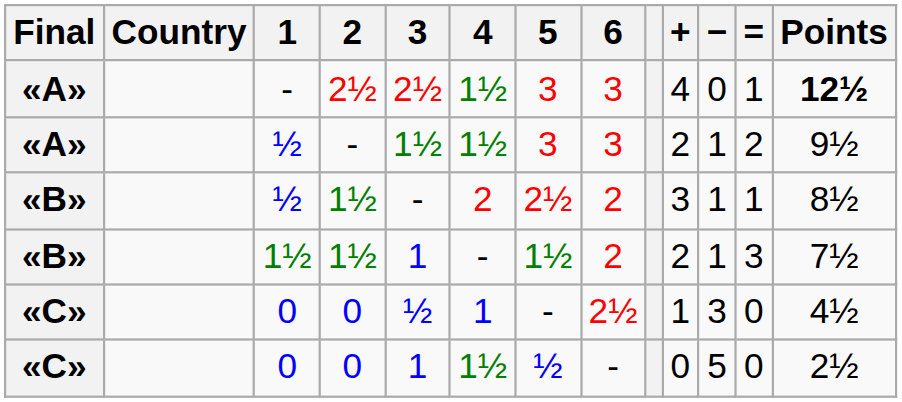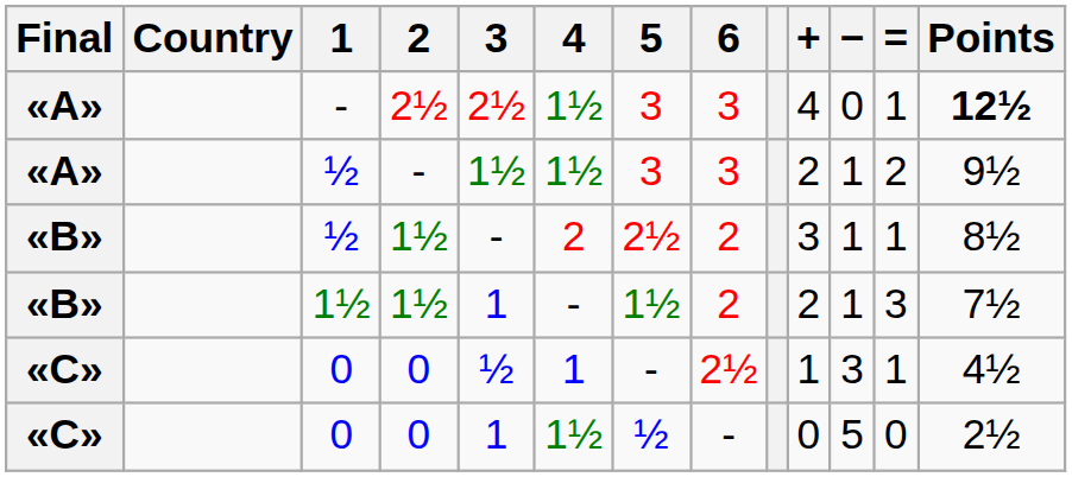 <table class="wikitable" style="text-align:center">
 <tr>
 <th>Final</th>
 <th>Country</th>
 <th>1</th>
 <th>2</th>
 <th>3</th>
 <th>4</th>
 <th>5</th>
 <th>6</th>
 <th></th>
 <th>+</th>
 <th>−</th>
 <th>=</th>
 <th>Points</th>
 </tr>
 <tr>
 <th>«A»</th>
 <td style="text-align: left"></td>
 <td>-</td>
 <td style="color:red;">2½</td>
 <td style="color:red;">2½</td>
 <td style="color:green;">1½</td>
 <td style="color:red;">3</td>
 <td style="color:red;">3</td>
 <th></th>
 <td>4</td>
 <td>0</td>
 <td>1</td>
 <td><strong>12½</strong></td>
 </tr>
 <tr>
 <th>«A»</th>
 <td style="text-align: left"></td>
 <td style="color:blue;">½</td>
 <td>-</td>
 <td style="color:green;">1½</td>
 <td style="color:green;">1½</td>
 <td style="color:red;">3</td>
 <td style="color:red;">3</td>
 <th></th>
 <td>2</td>
 <td>1</td>
 <td>2</td>
 <td>9½</td>
 </tr>
 <tr>
 <th>«B»</th>
 <td style="text-align: left"></td>
 <td style="color:blue;">½</td>
 <td style="color:green;">1½</td>
 <td>-</td>
 <td style="color:red;">2</td>
 <td style="color:red;">2½</td>
 <td style="color:red;">2</td>
 <th></th>
 <td>3</td>
 <td>1</td>
 <td>1</td>
 <td>8½</td>
 </tr>
 <tr>
 <th>«B»</th>
 <td style="text-align: left"></td>
 <td style="color:green;">1½</td>
 <td style="color:green;">1½</td>
 <td style="color:blue;">1</td>
 <td>-</td>
 <td style="color:green;">1½</td>
 <td style="color:red;">2</td>
 <th></th>
 <td>2</td>
 <td>1</td>
 <td>3</td>
 <td>7½</td>
 </tr>
 <tr>
 <th>«C»</th>
 <td style="text-align: left"></td>
 <td style="color:blue;">0</td>
 <td style="color:blue;">0</td>
 <td style="color:blue;">½</td>
 <td style="color:blue;">1</td>
 <td>-</td>
 <td style="color:red;">2½</td>
 <th></th>
 <td>1</td>
 <td>3</td>
-<td>0</td>
+<td>1</td>
 <td>4½</td>
 </tr>
 <tr>
 <th>«C»</th>
 <td style="text-align: left"></td>
 <td style="color:blue;">0</td>
 <td style="color:blue;">0</td>
 <td style="color:blue;">1</td>
 <td style="color:green;">1½</td>
 <td style="color:blue;">½</td>
 <td>-</td>
 <th></th>
 <td>0</td>
 <td>5</td>
 <td>0</td>
 <td>2½</td>
 </tr>
 </table>
